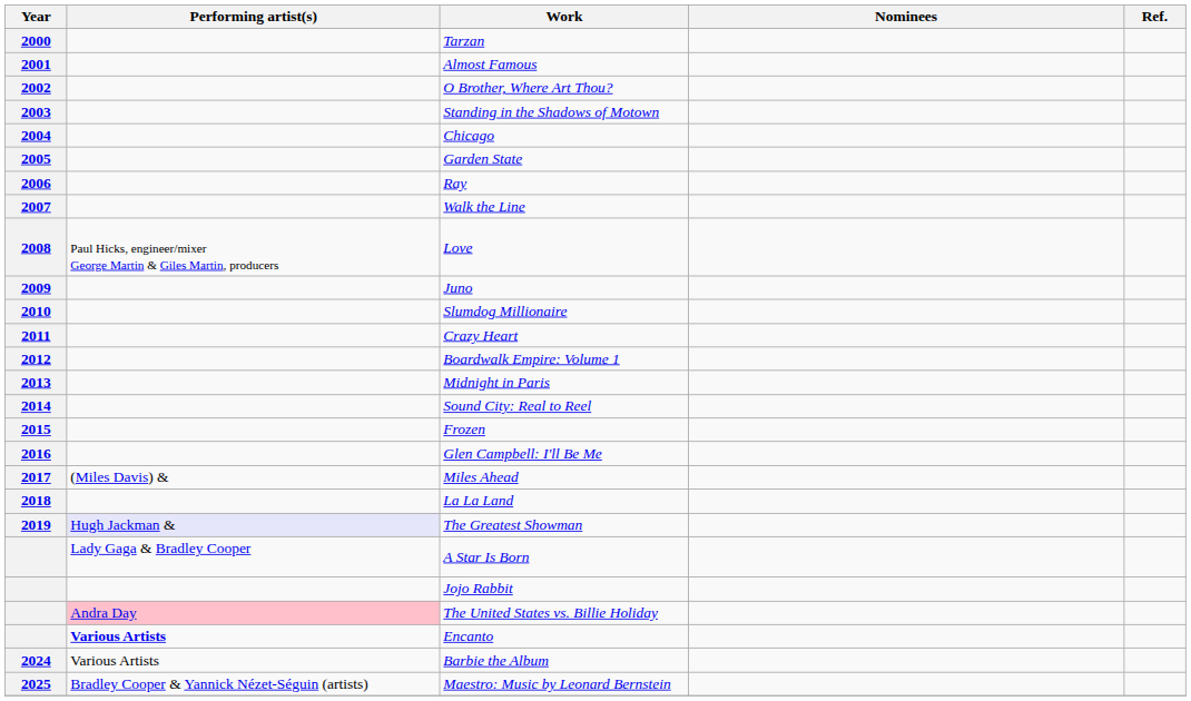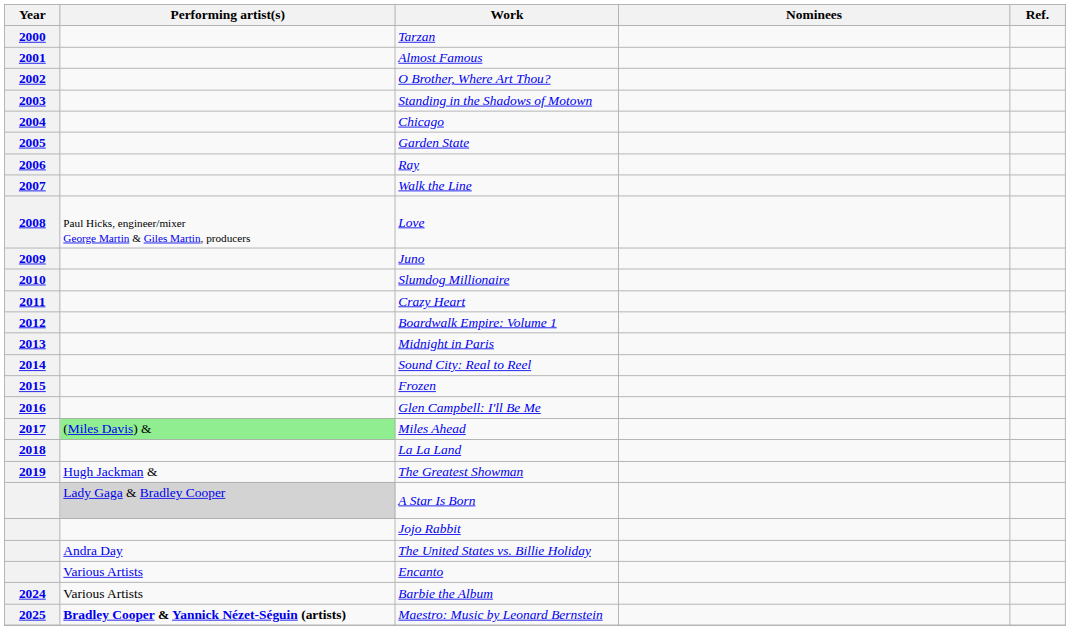 <table class="wikitable" width=100%>
 <tr bgcolor="#bebebe">
 <th width="5%">Year</th>
 <th width="30%">Performing artist(s)</th>
 <th width="20%">Work</th>
 <th width="35%" class=unsortable>Nominees</th>
 <th width="5%" class=unsortable>Ref.</th>
 </tr>
 <tr>
 <th scope=><a href='#'>2000</a></th>
 <td> <br></td>
 <td><em><a href='#'>Tarzan</a></em></td>
 <td></td>
 <td style="text-align:center;"></td>
 </tr>
 <tr>
 <th scope=><a href='#'>2001</a></th>
 <td> <br></td>
 <td><em><a href='#'>Almost Famous</a></em></td>
 <td></td>
 <td style="text-align:center;"></td>
 </tr>
 <tr>
 <th scope=><a href='#'>2002</a></th>
 <td><br></td>
 <td><em><a href='#'>O Brother, Where Art Thou?</a></em></td>
 <td></td>
 <td style="text-align:center;"></td>
 </tr>
 <tr>
 <th scope=><a href='#'>2003</a></th>
 <td><br></td>
 <td><em><a href='#'>Standing in the Shadows of Motown</a></em></td>
 <td></td>
 <td style="text-align:center;"></td>
 </tr>
 <tr>
 <th scope=><a href='#'>2004</a></th>
 <td><br></td>
 <td><em><a href='#'>Chicago</a></em></td>
 <td></td>
 <td style="text-align:center;"></td>
 </tr>
 <tr>
 <th scope=><a href='#'>2005</a></th>
 <td><br></td>
 <td><em><a href='#'>Garden State</a></em></td>
 <td></td>
 <td style="text-align:center;"></td>
 </tr>
 <tr>
 <th scope=><a href='#'>2006</a></th>
 <td><br></td>
 <td><em><a href='#'>Ray</a></em></td>
 <td></td>
 <td style="text-align:center;"></td>
 </tr>
 <tr>
 <th scope=><a href='#'>2007</a></th>
 <td><br></td>
 <td><em><a href='#'>Walk the Line</a></em></td>
 <td></td>
 <td style="text-align:center;"></td>
 </tr>
 <tr>
 <th scope=><a href='#'>2008</a></th>
 <td> <br><small>Paul Hicks, engineer/mixer<br><a href='#'>George Martin</a> & <a href='#'>Giles Martin</a>, producers</small></td>
 <td><em><a href='#'>Love</a></em></td>
 <td></td>
 <td style="text-align:center;"></td>
 </tr>
 <tr>
 <th scope=><a href='#'>2009</a></th>
 <td><br></td>
 <td><em><a href='#'>Juno</a></em></td>
 <td></td>
 <td style="text-align:center;"></td>
 </tr>
 <tr>
 <th scope=><a href='#'>2010</a></th>
 <td><br></td>
 <td><em><a href='#'>Slumdog Millionaire</a></em></td>
 <td></td>
 <td style="text-align:center;"></td>
 </tr>
 <tr>
 <th scope=><a href='#'>2011</a></th>
 <td><br></td>
 <td><em><a href='#'>Crazy Heart</a></em></td>
 <td></td>
 <td style="text-align:center;"></td>
 </tr>
 <tr>
 <th scope=><a href='#'>2012</a></th>
 <td><br></td>
 <td><em><a href='#'>Boardwalk Empire: Volume 1</a></em></td>
 <td></td>
 <td style="text-align:center;"></td>
 </tr>
 <tr>
 <th scope=><a href='#'>2013</a></th>
 <td><br></td>
 <td><em><a href='#'>Midnight in Paris</a></em></td>
 <td></td>
 <td style="text-align:center;"></td>
 </tr>
 <tr>
 <th scope=><a href='#'>2014</a></th>
 <td> <br></td>
 <td><em><a href='#'>Sound City: Real to Reel</a></em></td>
 <td></td>
 <td style="text-align:center;"></td>
 </tr>
 <tr>
 <th scope=><a href='#'>2015</a></th>
 <td><br></td>
 <td><em><a href='#'>Frozen</a></em></td>
 <td></td>
 <td style="text-align:center;"></td>
 </tr>
 <tr>
 <th scope=><a href='#'>2016</a></th>
 <td><br></td>
 <td><em><a href='#'>Glen Campbell: I'll Be Me</a></em></td>
 <td></td>
 <td style="text-align:center;"></td>
 </tr>
 <tr>
 <th scope=><a href='#'>2017</a></th>
-<td>(<a href='#'>Miles Davis</a>) & <br></td>
+<td style="background: lightgreen;">(<a href='#'>Miles Davis</a>) & <br></td>
 <td><em><a href='#'>Miles Ahead</a></em></td>
 <td></td>
 <td style="text-align:center;"></td>
 </tr>
 <tr>
 <th scope=><a href='#'>2018</a></th>
 <td><br></td>
 <td><em><a href='#'>La La Land</a></em></td>
 <td></td>
 <td style="text-align:center;"></td>
 </tr>
 <tr>
 <th scope=><a href='#'>2019</a></th>
-<td style="background: lavender;"><a href='#'>Hugh Jackman</a> & <br></td>
+<td><a href='#'>Hugh Jackman</a> & <br></td>
 <td><em><a href='#'>The Greatest Showman</a></em></td>
 <td></td>
 <td style="text-align:center;"></td>
 </tr>
 <tr>
 <th scope=></th>
-<td><a href='#'>Lady Gaga</a> & <a href='#'>Bradley Cooper</a><br><br></td>
+<td style="background: lightgrey;"><a href='#'>Lady Gaga</a> & <a href='#'>Bradley Cooper</a><br><br></td>
 <td><em><a href='#'>A Star Is Born</a></em><br></td>
 <td></td>
 <td style="text-align:center;"></td>
 </tr>
 <tr>
 <th scope=></th>
 <td><br></td>
 <td><em><a href='#'>Jojo Rabbit</a></em></td>
 <td></td>
 <td style="text-align:center;"></td>
 </tr>
 <tr>
 <th scope=></th>
-<td style="background: pink;"><a href='#'>Andra Day</a><br></td>
+<td><a href='#'>Andra Day</a><br></td>
 <td><em><a href='#'>The United States vs. Billie Holiday</a></em></td>
 <td></td>
 <td style="text-align:center;"></td>
 </tr>
 <tr>
 <th scope=></th>
-<td><strong><a href='#'>Various Artists</a><br></strong></td>
+<td><a href='#'>Various Artists</a><br></td>
 <td><em><a href='#'>Encanto</a></em> </td>
 <td></td>
 <td style="text-align:center;"></td>
 </tr>
 <tr>
 <th><a href='#'>2024</a></th>
 <td>Various Artists<br></td>
 <td><em><a href='#'>Barbie the Album</a></em></td>
 <td></td>
 <td style="text-align:center;"></td>
 </tr>
 <tr>
 <th><a href='#'>2025</a></th>
-<td><a href='#'>Bradley Cooper</a> & <a href='#'>Yannick Nézet-Séguin</a> (artists) <br> </td>
+<td><strong><a href='#'>Bradley Cooper</a> & <a href='#'>Yannick Nézet-Séguin</a> (artists) <br> </strong></td>
 <td><em><a href='#'>Maestro: Music by Leonard Bernstein</a></em></td>
 <td></td>
 <td style="text-align:center;"></td>
 </tr>
 <tr>
 </tr>
 </table>
